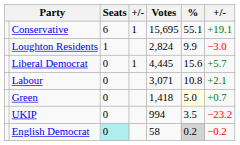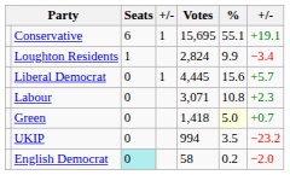 <table class="wikitable sortable">
 <tr>
 <th colspan="2">Party</th>
 <th>Seats</th>
 <th>+/-</th>
 <th>Votes</th>
 <th>%</th>
 <th>+/-</th>
 </tr>
 <tr>
 <td style="background-color: "></td>
 <td><a href='#'>Conservative</a></td>
 <td>6</td>
 <td> 1</td>
 <td>15,695</td>
 <td>55.1</td>
 <td style="color:green">+19.1</td>
 </tr>
 <tr>
 <td style="background-color: "></td>
 <td><a href='#'>Loughton Residents</a></td>
 <td>1</td>
 <td></td>
 <td>2,824</td>
 <td>9.9</td>
-<td style="color:red">−3.0</td>
+<td style="color:red">−3.4</td>
 </tr>
 <tr>
 <td style="background-color: "></td>
 <td><a href='#'>Liberal Democrat</a></td>
 <td>0</td>
 <td> 1</td>
 <td>4,445</td>
 <td>15.6</td>
 <td style="color:green">+5.7</td>
 </tr>
 <tr>
 <td style="background-color: "></td>
 <td><a href='#'>Labour</a></td>
 <td>0</td>
 <td></td>
 <td>3,071</td>
 <td>10.8</td>
-<td style="color:green">+2.1</td>
+<td style="color:green">+2.3</td>
 </tr>
 <tr>
 <td style="background-color: "></td>
 <td><a href='#'>Green</a></td>
 <td>0</td>
 <td></td>
 <td>1,418</td>
 <td style="background: lightyellow;">5.0</td>
 <td style="color:green">+0.7</td>
 </tr>
 <tr>
 <td style="background-color: "></td>
 <td><a href='#'>UKIP</a></td>
 <td>0</td>
 <td></td>
 <td>994</td>
 <td>3.5</td>
 <td style="color:red">−23.2</td>
 </tr>
 <tr>
 <td style="background-color: "></td>
 <td><a href='#'>English Democrat</a></td>
 <td style="background: paleturquoise;">0</td>
 <td></td>
 <td>58</td>
-<td style="background: lightgrey;">0.2</td>
-<td style="color:red">−0.2</td>
+<td>0.2</td>
+<td style="color:red">−2.0</td>
 </tr>
 </table>
